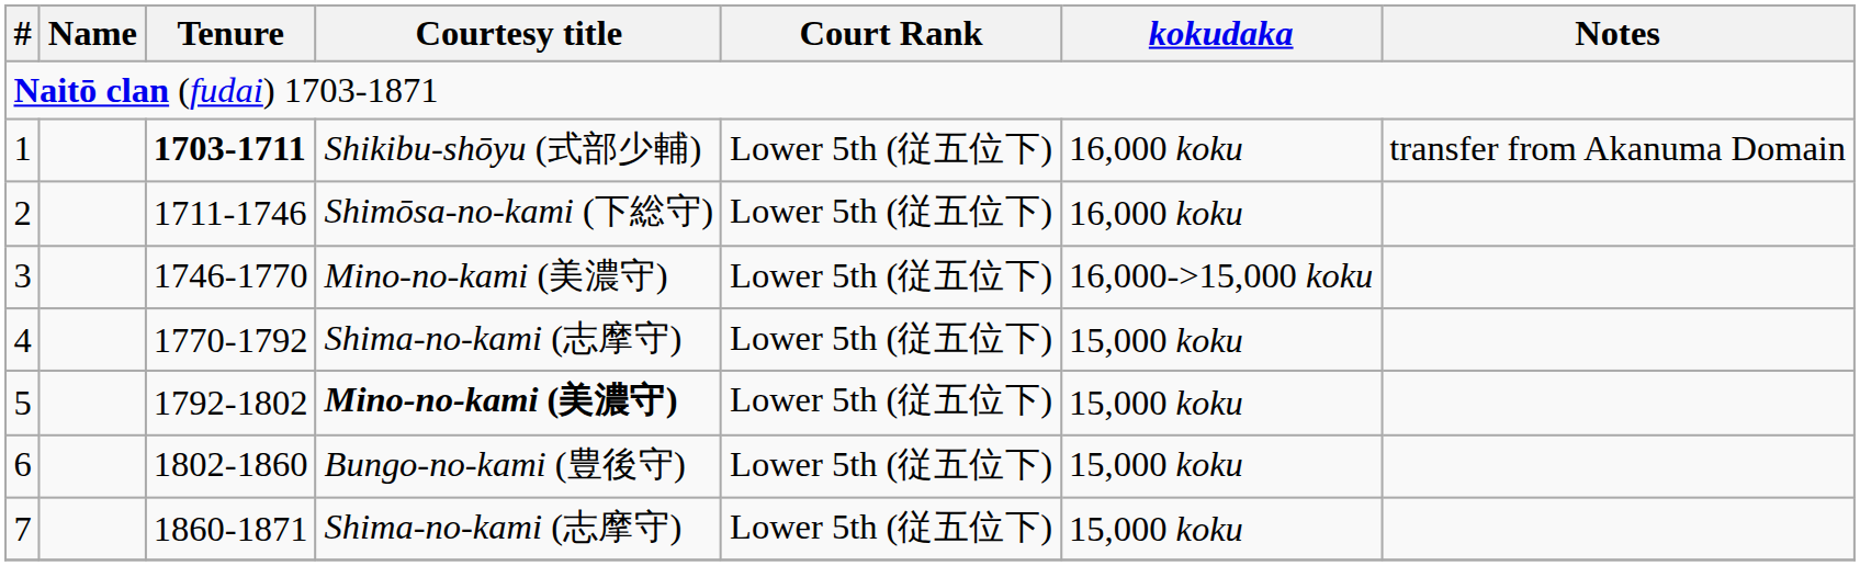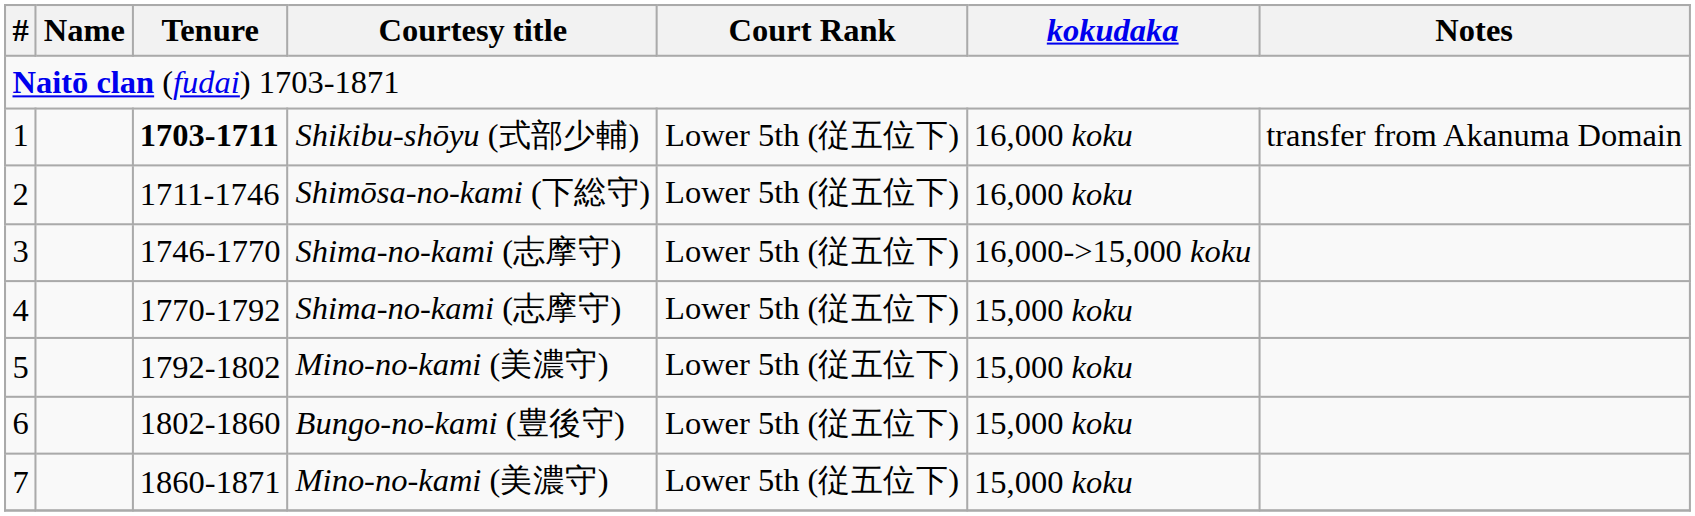 <table class=wikitable>
 <tr>
 <th>#</th>
 <th>Name</th>
 <th>Tenure</th>
 <th>Courtesy title</th>
 <th>Court Rank</th>
 <th><em><a href='#'>kokudaka</a></em></th>
 <th>Notes</th>
 </tr>
 <tr>
 <td colspan=7> <strong><a href='#'>Naitō clan</a></strong> (<em><a href='#'>fudai</a></em>) 1703-1871</td>
 </tr>
 <tr>
 <td>1</td>
 <td></td>
 <td><strong>1703-1711</strong></td>
 <td><em>Shikibu-shōyu</em> (式部少輔)</td>
 <td>Lower 5th (従五位下)</td>
 <td>16,000 <em>koku</em></td>
 <td>transfer from Akanuma Domain</td>
 </tr>
 <tr>
 <td>2</td>
 <td></td>
 <td>1711-1746</td>
 <td><em>Shimōsa-no-kami</em> (下総守)</td>
 <td>Lower 5th (従五位下)</td>
 <td>16,000 <em>koku</em></td>
 <td></td>
 </tr>
 <tr>
 <td>3</td>
 <td></td>
 <td>1746-1770</td>
-<td><em>Mino-no-kami</em> (美濃守)</td>
+<td><em>Shima-no-kami</em> (志摩守)</td>
 <td>Lower 5th (従五位下)</td>
 <td>16,000->15,000 <em>koku</em></td>
 <td></td>
 </tr>
 <tr>
 <td>4</td>
 <td></td>
 <td>1770-1792</td>
 <td><em>Shima-no-kami</em> (志摩守)</td>
 <td>Lower 5th (従五位下)</td>
 <td>15,000 <em>koku</em></td>
 <td></td>
 </tr>
 <tr>
 <td>5</td>
 <td></td>
 <td>1792-1802</td>
-<td><strong><em>Mino-no-kami</em> (美濃守)</strong></td>
+<td><em>Mino-no-kami</em> (美濃守)</td>
 <td>Lower 5th (従五位下)</td>
 <td>15,000 <em>koku</em></td>
 <td></td>
 </tr>
 <tr>
 <td>6</td>
 <td></td>
 <td>1802-1860</td>
 <td><em>Bungo-no-kami</em> (豊後守)</td>
 <td>Lower 5th (従五位下)</td>
 <td>15,000 <em>koku</em></td>
 <td></td>
 </tr>
 <tr>
 <td>7</td>
 <td></td>
 <td>1860-1871</td>
-<td><em>Shima-no-kami</em> (志摩守)</td>
+<td><em>Mino-no-kami</em> (美濃守)</td>
 <td>Lower 5th (従五位下)</td>
 <td>15,000 <em>koku</em></td>
 <td></td>
 </tr>
 <tr>
 </tr>
 </table>
